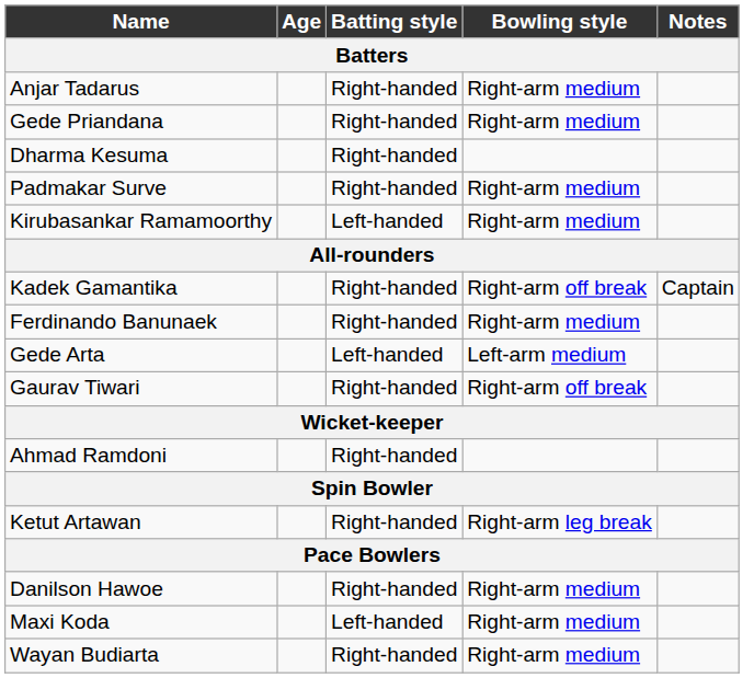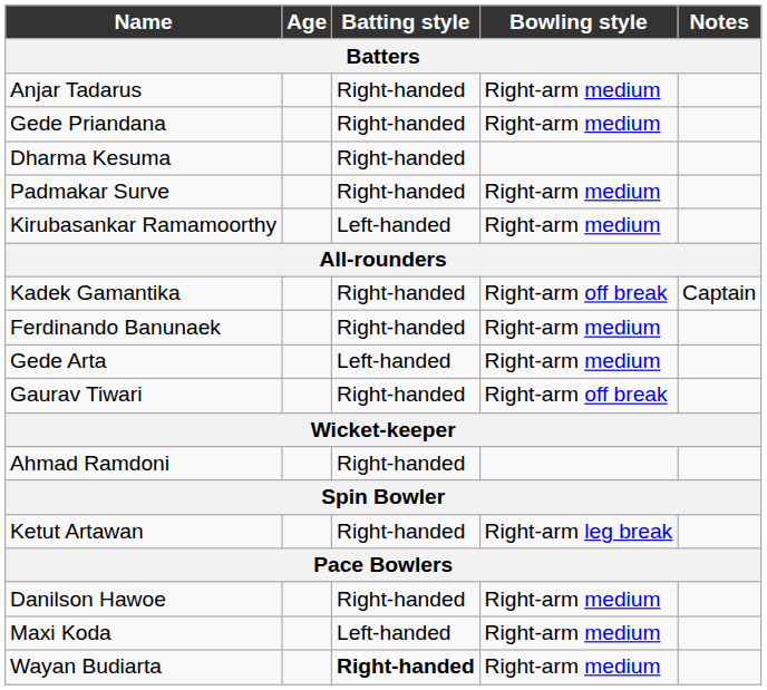 <table class="wikitable">
 <tr>
 <th style="text-align:center; background:#333333; color:white;">Name</th>
 <th style="text-align:center; background:#333333; color:white;">Age</th>
 <th style="text-align:center; background:#333333; color:white;">Batting style</th>
 <th style="text-align:center; background:#333333; color:white;">Bowling style</th>
 <th style="text-align:center; background:#333333; color:white;">Notes</th>
 </tr>
 <tr>
 <th colspan="5">Batters</th>
 </tr>
 <tr>
 <td>Anjar Tadarus</td>
 <td></td>
 <td>Right-handed</td>
 <td>Right-arm <a href='#'>medium</a></td>
 <td></td>
 </tr>
 <tr>
 <td>Gede Priandana</td>
 <td></td>
 <td>Right-handed</td>
 <td>Right-arm <a href='#'>medium</a></td>
 <td></td>
 </tr>
 <tr>
 <td>Dharma Kesuma</td>
 <td></td>
 <td>Right-handed</td>
 <td></td>
 <td></td>
 </tr>
 <tr>
 <td>Padmakar Surve</td>
 <td></td>
 <td>Right-handed</td>
 <td>Right-arm <a href='#'>medium</a></td>
 <td></td>
 </tr>
 <tr>
 <td>Kirubasankar Ramamoorthy</td>
 <td></td>
 <td>Left-handed</td>
 <td>Right-arm <a href='#'>medium</a></td>
 <td></td>
 </tr>
 <tr>
 <th colspan="5">All-rounders</th>
 </tr>
 <tr>
 <td>Kadek Gamantika</td>
 <td></td>
 <td>Right-handed</td>
 <td>Right-arm <a href='#'>off break</a></td>
 <td>Captain</td>
 </tr>
 <tr>
 <td>Ferdinando Banunaek</td>
 <td></td>
 <td>Right-handed</td>
 <td>Right-arm <a href='#'>medium</a></td>
 <td></td>
 </tr>
 <tr>
 <td>Gede Arta</td>
 <td></td>
 <td>Left-handed</td>
-<td>Left-arm <a href='#'>medium</a></td>
+<td>Right-arm <a href='#'>medium</a></td>
 <td></td>
 </tr>
 <tr>
 <td>Gaurav Tiwari</td>
 <td></td>
 <td>Right-handed</td>
 <td>Right-arm <a href='#'>off break</a></td>
 <td></td>
 </tr>
 <tr>
 <th colspan="5">Wicket-keeper</th>
 </tr>
 <tr>
 <td>Ahmad Ramdoni</td>
 <td></td>
 <td>Right-handed</td>
 <td></td>
 <td></td>
 </tr>
 <tr>
 <th colspan="5">Spin Bowler</th>
 </tr>
 <tr>
 <td>Ketut Artawan</td>
 <td></td>
 <td>Right-handed</td>
 <td>Right-arm <a href='#'>leg break</a></td>
 <td></td>
 </tr>
 <tr>
 <th colspan="5">Pace Bowlers</th>
 </tr>
 <tr>
 <td>Danilson Hawoe</td>
 <td></td>
 <td>Right-handed</td>
 <td>Right-arm <a href='#'>medium</a></td>
 <td></td>
 </tr>
 <tr>
 <td>Maxi Koda</td>
 <td></td>
 <td>Left-handed</td>
 <td>Right-arm <a href='#'>medium</a></td>
 <td></td>
 </tr>
 <tr>
 <td>Wayan Budiarta</td>
 <td></td>
-<td>Right-handed</td>
+<td><strong>Right-handed</strong></td>
 <td>Right-arm <a href='#'>medium</a></td>
 <td></td>
 </tr>
 </table>
